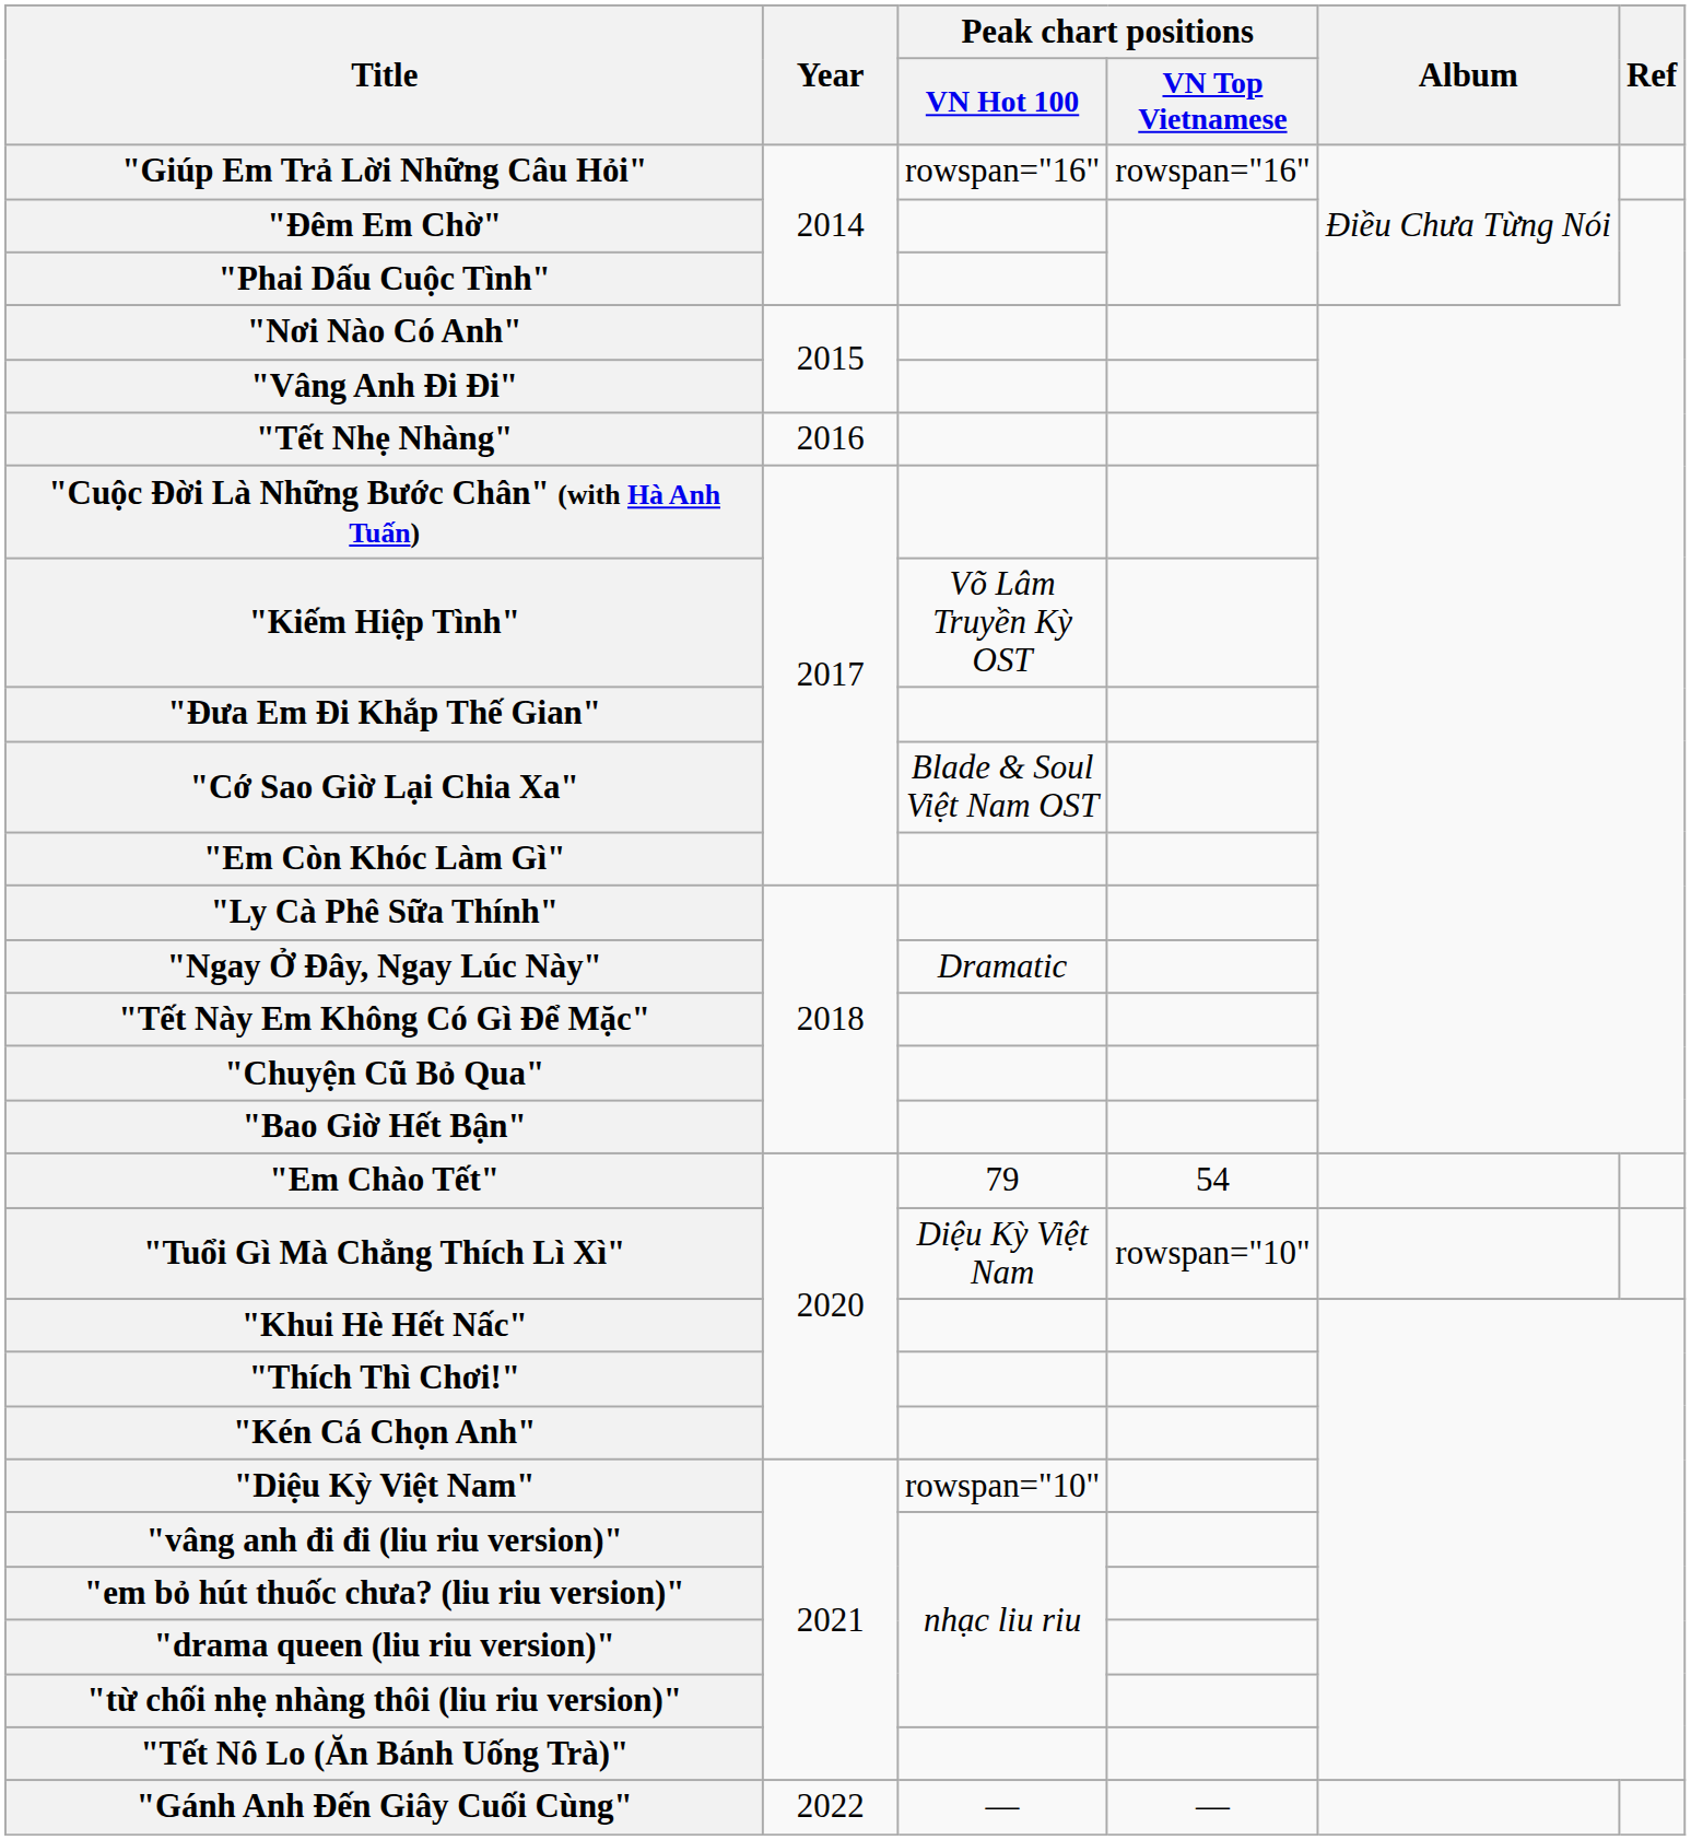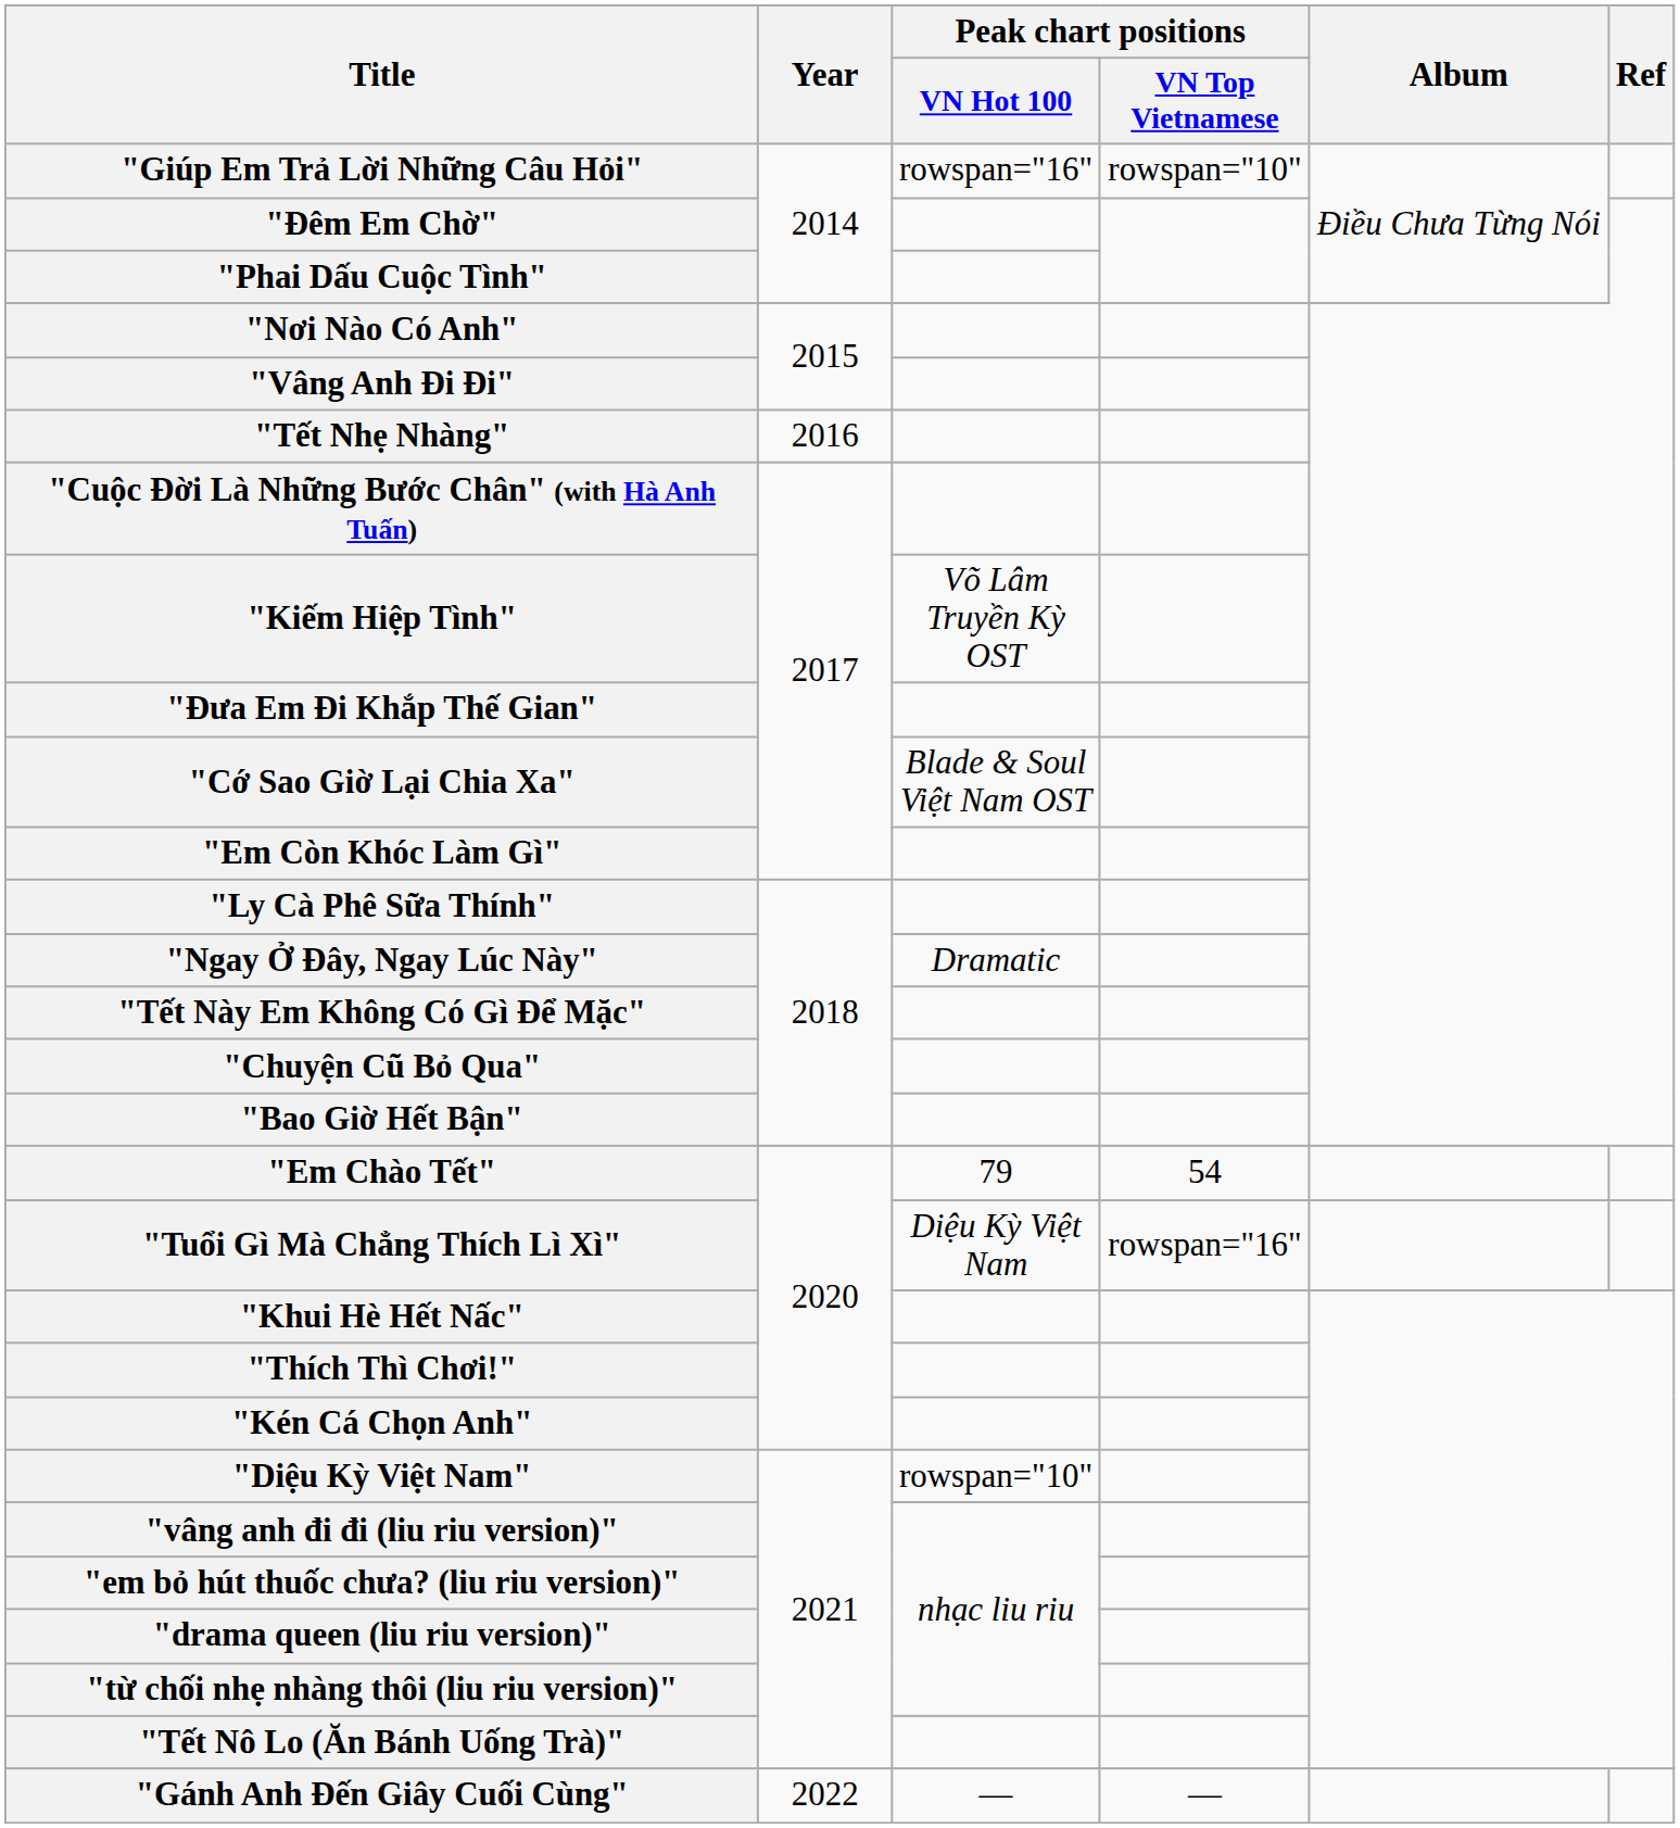 <table class="wikitable plainrowheaders" border="1" style="text-align:center;">
 <tr>
 <th scope="col" style="width:22em;" rowspan="2">Title</th>
 <th scope="col" style="width:3.5em;" rowspan="2">Year</th>
 <th colspan="2">Peak chart positions</th>
 <th rowspan="2">Album</th>
 <th scope="col" class="unsortable" rowspan="2">Ref</th>
 </tr>
 <tr>
 <th style="width:4em;font-size:90%;"><a href='#'>VN Hot 100</a><br></th>
 <th style="width:4em;font-size:90%;"><a href='#'>VN Top Vietnamese</a><br></th>
 </tr>
 <tr>
 <th scope="row">"Giúp Em Trả Lời Những Câu Hỏi"</th>
 <td rowspan="3">2014</td>
 <td>rowspan="16" </td>
-<td>rowspan="16" </td>
+<td>rowspan="10" </td>
 <td rowspan="3"><em>Điều Chưa Từng Nói</em></td>
 <td></td>
 </tr>
 <tr>
 <th scope="row">"Đêm Em Chờ"</th>
 <td></td>
 </tr>
 <tr>
 <th scope="row">"Phai Dấu Cuộc Tình"</th>
 <td></td>
 </tr>
 <tr>
 <th scope="row">"Nơi Nào Có Anh"</th>
 <td rowspan="2">2015</td>
 <td></td>
 <td></td>
 </tr>
 <tr>
 <th scope="row">"Vâng Anh Đi Đi"</th>
 <td></td>
 <td></td>
 </tr>
 <tr>
 <th scope="row">"Tết Nhẹ Nhàng"</th>
 <td>2016</td>
 <td></td>
 <td></td>
 </tr>
 <tr>
 <th scope="row">"Cuộc Đời Là Những Bước Chân" <small>(with <a href='#'>Hà Anh Tuấn</a>)</small></th>
 <td rowspan="5">2017</td>
 <td></td>
 <td></td>
 </tr>
 <tr>
 <th scope="row">"Kiếm Hiệp Tình"</th>
 <td><em>Võ Lâm Truyền Kỳ OST</em></td>
 <td></td>
 </tr>
 <tr>
 <th scope="row">"Đưa Em Đi Khắp Thế Gian"</th>
 <td></td>
 <td></td>
 </tr>
 <tr>
 <th scope="row">"Cớ Sao Giờ Lại Chia Xa"</th>
 <td><em>Blade & Soul Việt Nam OST</em></td>
 <td></td>
 </tr>
 <tr>
 <th scope="row">"Em Còn Khóc Làm Gì"</th>
 <td></td>
 <td></td>
 </tr>
 <tr>
 <th scope="row">"Ly Cà Phê Sữa Thính"</th>
 <td rowspan="5" scope="3">2018</td>
 <td></td>
 <td></td>
 </tr>
 <tr>
 <th scope="row">"Ngay Ở Đây, Ngay Lúc Này"</th>
 <td><em>Dramatic</em></td>
 <td></td>
 </tr>
 <tr>
 <th scope="row">"Tết Này Em Không Có Gì Để Mặc"</th>
 <td></td>
 <td></td>
 </tr>
 <tr>
 <th scope="row">"Chuyện Cũ Bỏ Qua"</th>
 <td></td>
 <td></td>
 </tr>
 <tr>
 <th scope="row">"Bao Giờ Hết Bận"</th>
 <td></td>
 <td></td>
 </tr>
 <tr>
 <th scope="row">"Em Chào Tết"</th>
 <td rowspan="5">2020</td>
 <td>79</td>
 <td>54</td>
 <td></td>
 <td></td>
 </tr>
 <tr>
 <th scope="row">"Tuổi Gì Mà Chẳng Thích Lì Xì" </th>
 <td><em>Diệu Kỳ Việt Nam</em></td>
-<td>rowspan="10" </td>
+<td>rowspan="16" </td>
 <td></td>
 <td></td>
 </tr>
 <tr>
 <th scope="row">"Khui Hè Hết Nấc" </th>
 <td></td>
 <td></td>
 </tr>
 <tr>
 <th scope="row">"Thích Thì Chơi!" </th>
 <td></td>
 <td></td>
 </tr>
 <tr>
 <th scope="row">"Kén Cá Chọn Anh"</th>
 <td></td>
 <td></td>
 </tr>
 <tr>
 <th scope="row">"Diệu Kỳ Việt Nam" </th>
 <td rowspan="6">2021</td>
 <td>rowspan="10" </td>
 <td></td>
 </tr>
 <tr>
 <th scope="row">"vâng anh đi đi (liu riu version)"</th>
 <td rowspan="4"><em>nhạc liu riu</em></td>
 <td></td>
 </tr>
 <tr>
 <th scope="row">"em bỏ hút thuốc chưa? (liu riu version)"</th>
 <td></td>
 </tr>
 <tr>
 <th scope="row">"drama queen (liu riu version)"</th>
 <td></td>
 </tr>
 <tr>
 <th scope="row">"từ chối nhẹ nhàng thôi (liu riu version)" </th>
 <td></td>
 </tr>
 <tr>
 <th scope="row">"Tết Nô Lo (Ăn Bánh Uống Trà)"</th>
 <td></td>
 <td></td>
 </tr>
 <tr>
 <th scope="row">"Gánh Anh Đến Giây Cuối Cùng"</th>
 <td>2022</td>
 <td>—</td>
 <td>—</td>
 <td></td>
 <td></td>
 </tr>
 </table>
